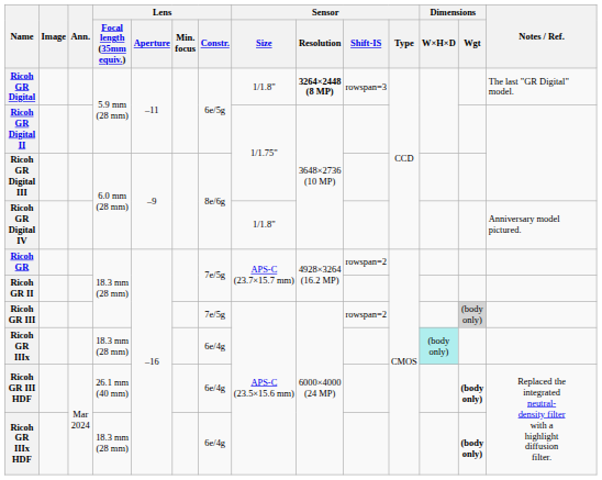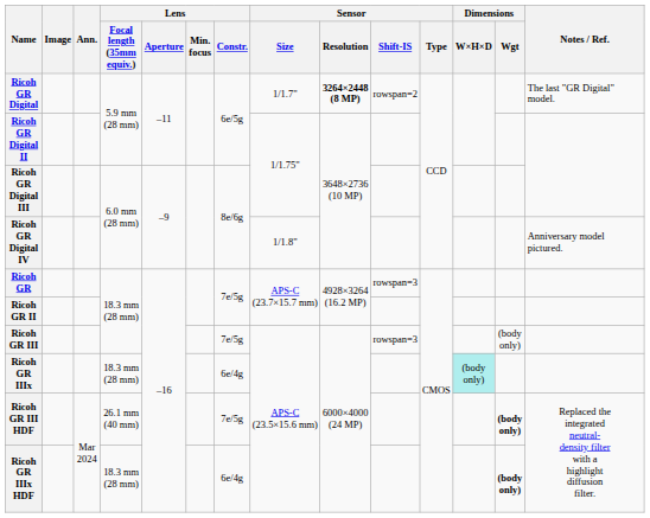 <table class="wikitable" style="font-size:85%;text-align:center;">
 <tr>
 <th rowspan=2>Name</th>
 <th rowspan=2>Image</th>
 <th rowspan=2>Ann.</th>
 <th colspan=4>Lens</th>
 <th colspan=4>Sensor</th>
 <th colspan=2>Dimensions</th>
 <th rowspan=2>Notes / Ref.</th>
 </tr>
 <tr>
 <th><a href='#'>Focal length</a><br>(<a href='#'>35mm equiv.</a>)</th>
 <th><a href='#'>Aperture</a></th>
 <th>Min. focus</th>
 <th><a href='#'>Constr.</a></th>
 <th><a href='#'>Size</a></th>
 <th>Resolution</th>
 <th><a href='#'>Shift-IS</a></th>
 <th>Type</th>
 <th>W×H×D</th>
 <th>Wgt</th>
 </tr>
 <tr>
 <th><a href='#'>Ricoh GR Digital</a></th>
 <td></td>
 <td></td>
 <td rowspan=2>5.9 mm<br>(28 mm)</td>
 <td rowspan=2>–11</td>
 <td rowspan=2></td>
 <td rowspan=2>6e/5g</td>
-<td>1/1.8"</td>
+<td>1/1.7"</td>
 <td><strong>3264×2448<br>(8 MP)</strong></td>
-<td>rowspan=3 </td>
+<td>rowspan=2 </td>
 <td rowspan=4>CCD</td>
 <td rowspan=2></td>
 <td></td>
 <td style="text-align:left;">The last "GR Digital" model.</td>
 </tr>
 <tr>
 <th><a href='#'>Ricoh GR Digital II</a></th>
 <td></td>
 <td></td>
 <td rowspan=2>1/1.75"</td>
 <td rowspan=3>3648×2736<br>(10 MP)</td>
 <td></td>
 <td style="text-align:left;"></td>
 </tr>
 <tr>
 <th>Ricoh GR Digital III</th>
 <td></td>
 <td></td>
 <td rowspan=2>6.0 mm<br>(28 mm)</td>
 <td rowspan=2>–9</td>
 <td rowspan=2></td>
 <td rowspan=2>8e/6g</td>
 <td></td>
 <td></td>
 <td style="text-align:left;"></td>
 </tr>
 <tr>
 <th>Ricoh GR Digital IV</th>
 <td></td>
 <td></td>
 <td>1/1.8"</td>
 <td></td>
 <td></td>
 <td></td>
 <td style="text-align:left;">Anniversary model pictured.</td>
 </tr>
 <tr>
 <th><a href='#'>Ricoh GR</a></th>
 <td></td>
 <td></td>
 <td rowspan=3>18.3 mm<br>(28 mm)</td>
 <td rowspan="6">–16</td>
 <td rowspan=2></td>
 <td rowspan=2>7e/5g</td>
 <td rowspan=2><a href='#'>APS-C</a><br>(23.7×15.7 mm)</td>
 <td rowspan=2>4928×3264<br>(16.2 MP)</td>
-<td>rowspan=2 </td>
+<td>rowspan=3 </td>
 <td rowspan="6">CMOS</td>
 <td></td>
 <td></td>
 <td style="text-align:left;"></td>
 </tr>
 <tr>
 <th>Ricoh GR II</th>
 <td></td>
 <td></td>
 <td></td>
 <td></td>
 <td style="text-align:left;"></td>
 </tr>
 <tr>
 <th>Ricoh GR III</th>
 <td></td>
 <td></td>
 <td></td>
 <td>7e/5g</td>
 <td rowspan="4"><a href='#'>APS-C</a><br>(23.5×15.6 mm)</td>
 <td rowspan="4">6000×4000<br>(24 MP)</td>
-<td>rowspan=2 </td>
+<td>rowspan=3 </td>
 <td></td>
-<td style="background: lightgrey;">(body only)</td>
+<td>(body only)</td>
 <td style="text-align:left;"></td>
 </tr>
 <tr>
 <th>Ricoh GR IIIx</th>
 <td></td>
 <td></td>
 <td>18.3 mm<br>(28 mm)</td>
 <td></td>
 <td>6e/4g</td>
 <td></td>
 <td style="background: paleturquoise;">(body only)</td>
 <td style="text-align:left;"></td>
 </tr>
 <tr>
 <th>Ricoh GR III HDF</th>
 <td></td>
 <td rowspan="2">Mar 2024</td>
 <td>26.1 mm<br>(40 mm)</td>
 <td></td>
-<td>6e/4g</td>
+<td>7e/5g</td>
 <td></td>
 <td></td>
 <td><strong><br>(body only)</strong></td>
 <td rowspan="2"><blockquote>Replaced the integrated <a href='#'>neutral-density filter</a> with a highlight diffusion filter.</blockquote></td>
 </tr>
 <tr>
 <th>Ricoh GR IIIx HDF</th>
 <td></td>
 <td>18.3 mm<br>(28 mm)</td>
 <td></td>
 <td>6e/4g</td>
 <td></td>
 <td></td>
 <td><strong><br>(body only)</strong></td>
 </tr>
 </table>
